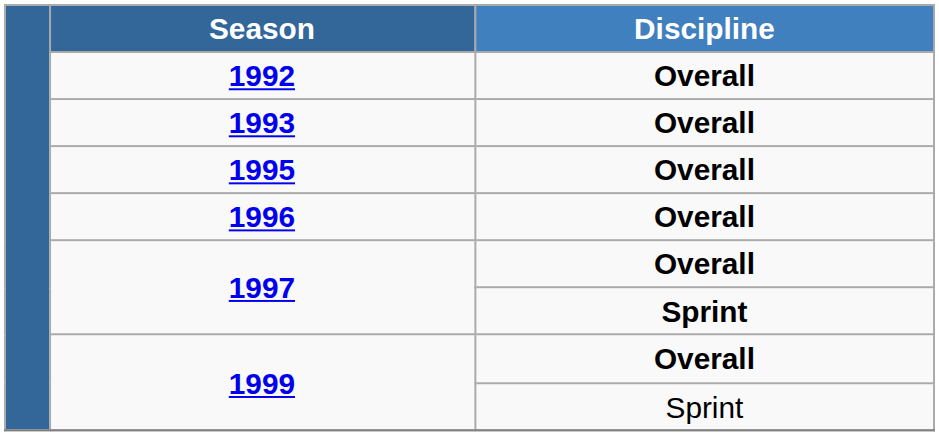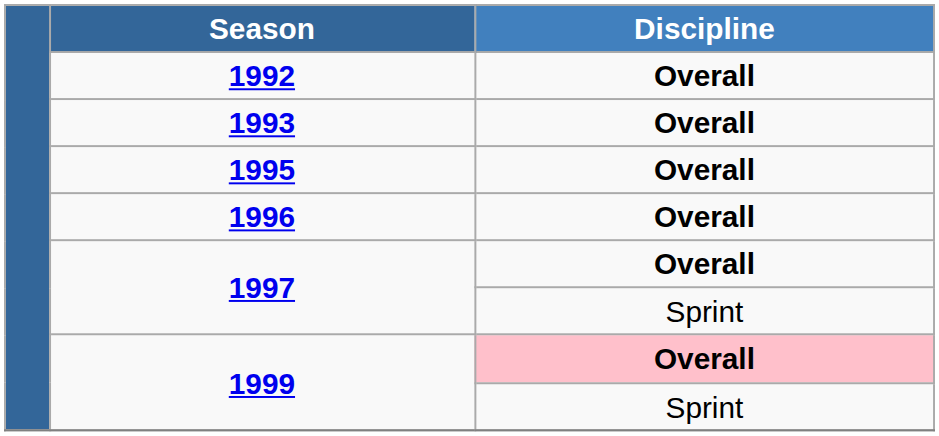 <table class="wikitable"  style="font-size:95%; text-align:center; border:gray solid 1px; width:30%;">
 <tr style="background:#369; color:white;">
 <td rowspan="10" style="width:1%;"></td>
 <td rowspan="2" colspan="1" style="width:10%;"><strong>Season</strong></td>
 </tr>
 <tr style="background-color:#4180be; color:white;">
 <td style="width:10%;"><strong>Discipline</strong></td>
 </tr>
 <tr>
 <td><strong><a href='#'>1992</a></strong></td>
 <td><strong>Overall</strong></td>
 </tr>
 <tr>
 <td><strong><a href='#'>1993</a></strong></td>
 <td><strong>Overall</strong></td>
 </tr>
 <tr>
 <td><strong><a href='#'>1995</a></strong></td>
 <td><strong>Overall</strong></td>
 </tr>
 <tr>
 <td><strong><a href='#'>1996</a></strong></td>
 <td><strong>Overall</strong></td>
 </tr>
 <tr>
 <td rowspan="2"><strong><a href='#'>1997</a></strong></td>
 <td><strong>Overall</strong></td>
 </tr>
 <tr>
-<td><strong>Sprint</strong></td>
+<td>Sprint</td>
 </tr>
 <tr>
 <td rowspan="2"><strong><a href='#'>1999</a></strong></td>
-<td><strong>Overall</strong></td>
+<td style="background: pink;"><strong>Overall</strong></td>
 </tr>
 <tr>
 <td>Sprint</td>
 </tr>
 <tr>
 </tr>
 </table>
